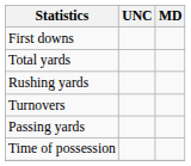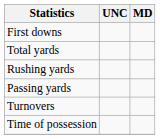 <table class="wikitable">
 <tr>
 <th>Statistics</th>
 <th>UNC</th>
 <th>MD</th>
 </tr>
 <tr>
 <td>First downs</td>
 <td></td>
 <td></td>
 </tr>
 <tr>
 <td>Total yards</td>
 <td></td>
 <td></td>
 </tr>
 <tr>
 <td>Rushing yards</td>
 <td></td>
 <td></td>
 </tr>
 <tr>
-<td>Turnovers</td>
+<td>Passing yards</td>
 <td></td>
 <td></td>
 </tr>
 <tr>
-<td>Passing yards</td>
+<td>Turnovers</td>
 <td></td>
 <td></td>
 </tr>
 <tr>
 <td>Time of possession</td>
 <td></td>
 <td></td>
 </tr>
 <tr>
 </tr>
 </table>
